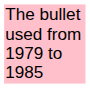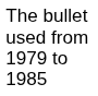 <table width="80">
 <tr>
 <td></td>
 </tr>
 <tr>
-<td style="background: pink;"><div>The bullet used from 1979 to 1985</div></td>
+<td><div>The bullet used from 1979 to 1985</div></td>
 </tr>
 </table>
